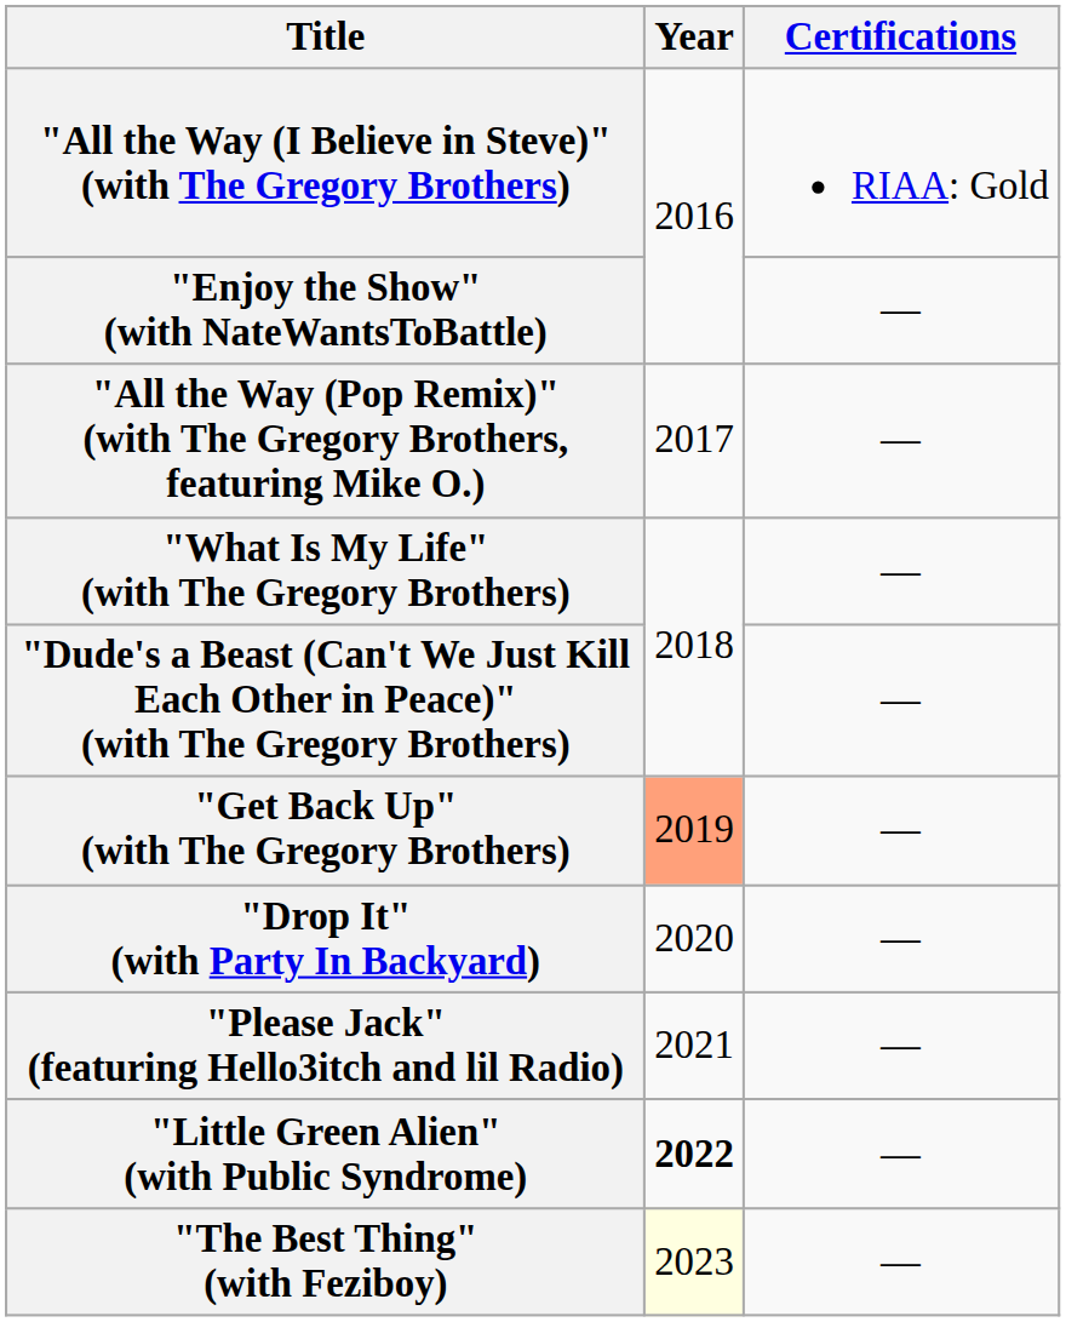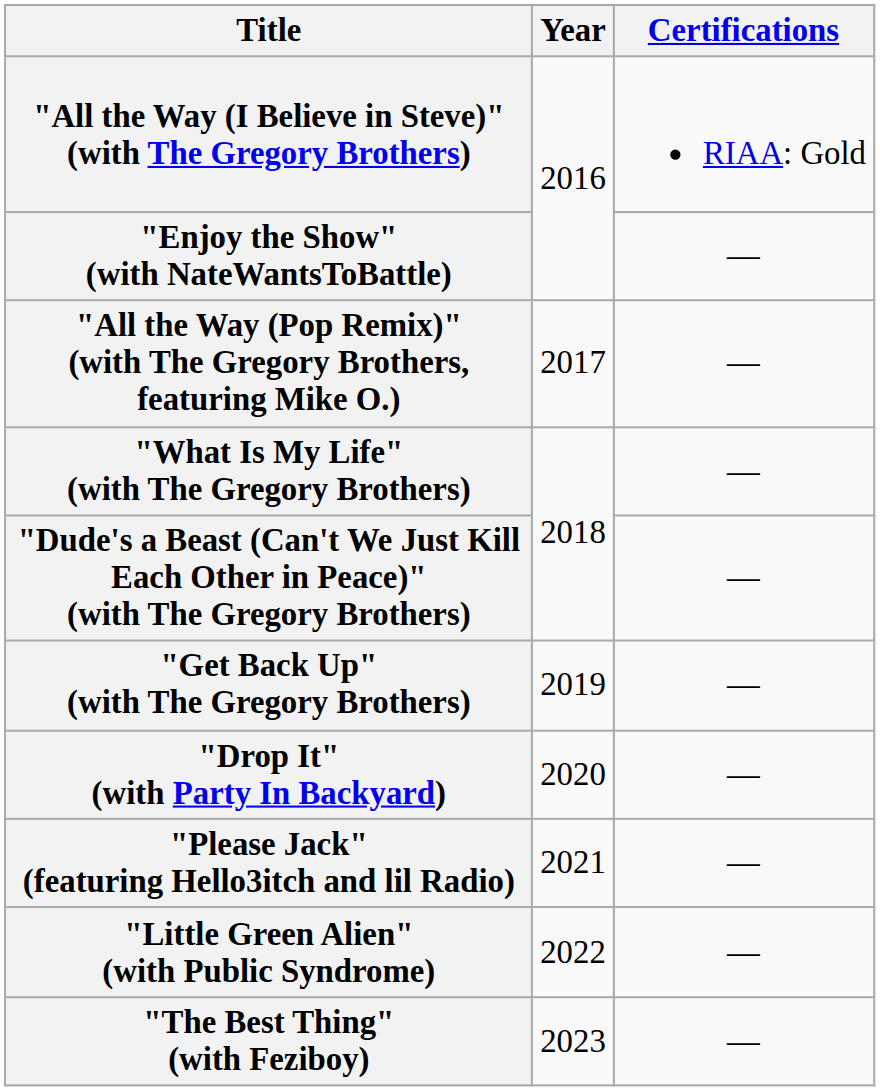 <table class="wikitable plainrowheaders" style="text-align:center;">
 <tr>
 <th scope="col" width=250em>Title</th>
 <th scope="col">Year</th>
 <th><a href='#'>Certifications</a></th>
 </tr>
 <tr>
 <th scope="row">"All the Way (I Believe in Steve)"<br><span>(with <a href='#'>The Gregory Brothers</a>)</span></th>
 <td rowspan="2">2016</td>
 <td><br><ul><li><a href='#'>RIAA</a>: Gold</li></ul></td>
 </tr>
 <tr>
 <th scope="row">"Enjoy the Show"<br><span>(with NateWantsToBattle)</span></th>
 <td>—</td>
 </tr>
 <tr>
 <th scope="row">"All the Way (Pop Remix)"<br><span>(with The Gregory Brothers, featuring Mike O.)</span></th>
 <td>2017</td>
 <td>—</td>
 </tr>
 <tr>
 <th scope="row">"What Is My Life"<br><span>(with The Gregory Brothers)</span></th>
 <td rowspan="2">2018</td>
 <td>—</td>
 </tr>
 <tr>
 <th scope="row">"Dude's a Beast (Can't We Just Kill Each Other in Peace)"<br><span>(with The Gregory Brothers)</span></th>
 <td>—</td>
 </tr>
 <tr>
 <th scope="row">"Get Back Up"<br><span>(with The Gregory Brothers)</span></th>
-<td style="background: lightsalmon;">2019</td>
+<td>2019</td>
 <td>—</td>
 </tr>
 <tr>
 <th scope="row">"Drop It"<br><span>(with <a href='#'>Party In Backyard</a>)</span></th>
 <td>2020</td>
 <td>—</td>
 </tr>
 <tr>
 <th scope="row">"Please Jack"<br><span>(featuring Hello3itch and lil Radio)</span></th>
 <td>2021</td>
 <td>—</td>
 </tr>
 <tr>
 <th scope="row">"Little Green Alien"<br><span>(with Public Syndrome)</span></th>
-<td><strong>2022</strong></td>
+<td>2022</td>
 <td>—</td>
 </tr>
 <tr>
 <th scope="row">"The Best Thing"<br><span>(with Feziboy)</span></th>
-<td style="background: lightyellow;">2023</td>
+<td>2023</td>
 <td>—</td>
 </tr>
 </table>
